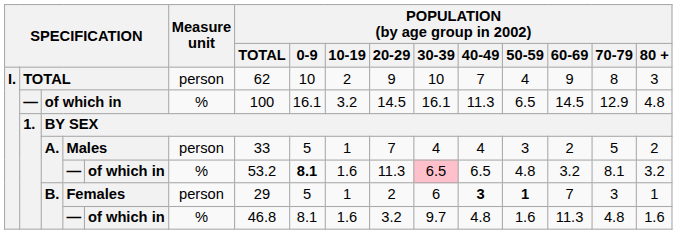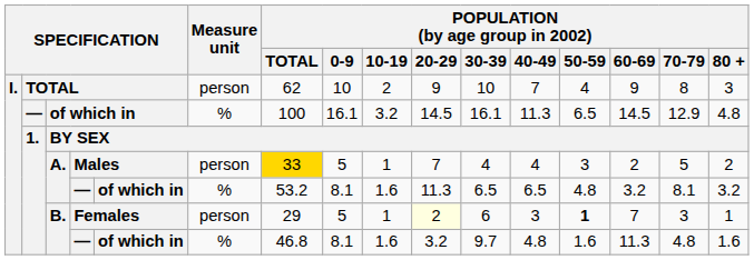 <table class="wikitable" style="font-size:85%; text-align:center">
 <tr>
 <th rowspan="2" colspan="5">SPECIFICATION</th>
 <th rowspan="2">Measure<br> unit</th>
 <th colspan="10" rowspan="1">POPULATION<br> (by age group in 2002)</th>
 </tr>
 <tr>
 <th>TOTAL</th>
 <th>0-9</th>
 <th>10-19</th>
 <th>20-29</th>
 <th>30-39</th>
 <th>40-49</th>
 <th>50-59</th>
 <th>60-69</th>
 <th>70-79</th>
 <th>80 +</th>
 </tr>
 <tr>
 <th style="text-align:left" valign="top" rowspan="7">I.</th>
 <th style="text-align:left" colspan="4">TOTAL</th>
 <td>person</td>
 <td>62</td>
 <td>10</td>
 <td>2</td>
 <td>9</td>
 <td>10</td>
 <td>7</td>
 <td>4</td>
 <td>9</td>
 <td>8</td>
 <td>3</td>
 </tr>
 <tr>
 <th style="text-align:left" valign="top">—</th>
 <th style="text-align:left" colspan="3">of which in</th>
 <td>%</td>
 <td>100</td>
 <td>16.1</td>
 <td>3.2</td>
 <td>14.5</td>
 <td>16.1</td>
 <td>11.3</td>
 <td>6.5</td>
 <td>14.5</td>
 <td>12.9</td>
 <td>4.8</td>
 </tr>
 <tr>
 <th style="text-align:left" valign="top" rowspan="5">1.</th>
 <th style="text-align:left" colspan="14">BY SEX</th>
 </tr>
 <tr>
 <th style="text-align:left" valign="top" rowspan="2">A.</th>
 <th style="text-align:left" colspan="2">Males</th>
 <td>person</td>
-<td>33</td>
+<td style="background: gold;">33</td>
 <td>5</td>
 <td>1</td>
 <td>7</td>
 <td>4</td>
 <td>4</td>
 <td>3</td>
 <td>2</td>
 <td>5</td>
 <td>2</td>
 </tr>
 <tr>
 <th style="text-align:left" valign="top">—</th>
 <th style="text-align:left" colspan="1">of which in</th>
 <td>%</td>
 <td>53.2</td>
-<td><strong>8.1</strong></td>
+<td>8.1</td>
 <td>1.6</td>
 <td>11.3</td>
-<td style="background: pink;">6.5</td>
+<td>6.5</td>
 <td>6.5</td>
 <td>4.8</td>
 <td>3.2</td>
 <td>8.1</td>
 <td>3.2</td>
 </tr>
 <tr>
 <th style="text-align:left" valign="top" rowspan="2">B.</th>
 <th style="text-align:left" colspan="2">Females</th>
 <td>person</td>
 <td>29</td>
 <td>5</td>
 <td>1</td>
-<td>2</td>
+<td style="background: lightyellow;">2</td>
 <td>6</td>
-<td><strong>3</strong></td>
+<td>3</td>
 <td><strong>1</strong></td>
 <td>7</td>
 <td>3</td>
 <td>1</td>
 </tr>
 <tr>
 <th style="text-align:left" valign="top">—</th>
 <th style="text-align:left" colspan="1">of which in</th>
 <td>%</td>
 <td>46.8</td>
 <td>8.1</td>
 <td>1.6</td>
 <td>3.2</td>
 <td>9.7</td>
 <td>4.8</td>
 <td>1.6</td>
 <td>11.3</td>
 <td>4.8</td>
 <td>1.6</td>
 </tr>
 </table>
